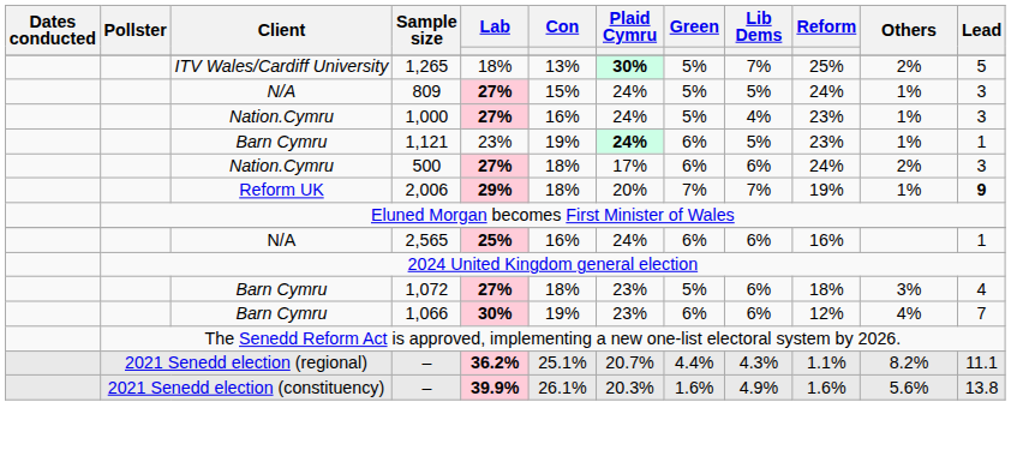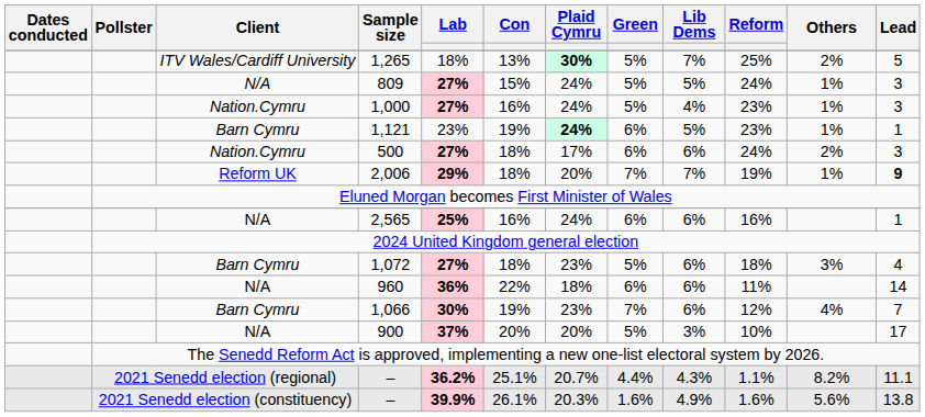 <table class="wikitable sortable mw-datatable" style="text-align:center;font-size:90%;line-height:14px;">
 <tr>
 <th rowspan="2">Dates<br>conducted</th>
 <th rowspan="2">Pollster</th>
 <th rowspan="2">Client</th>
 <th data-sort-type="number" rowspan="2">Sample<br>size</th>
 <th class="unsortable" style="width:50px;"><a href='#'>Lab</a></th>
 <th class="unsortable" style="width:50px;"><a href='#'>Con</a></th>
 <th class="unsortable" style="width:50px;"><a href='#'>Plaid Cymru</a></th>
 <th class="unsortable" style="width:45px;"><a href='#'>Green</a></th>
 <th class="unsortable" style="width:50px;"><a href='#'>Lib Dems</a></th>
 <th class="unsortable" style="width:50px;"><a href='#'>Reform</a></th>
 <th rowspan="2" class="unsortable" style="width:75px;">Others</th>
 <th data-sort-type="number" rowspan="2">Lead</th>
 </tr>
 <tr>
 <th data-sort-type="number" style="background:"></th>
 <th data-sort-type="number" style="background:"></th>
 <th data-sort-type="number" style="background:"></th>
 <th data-sort-type="number" style="background:"></th>
 <th data-sort-type="number" style="background:"></th>
 <th data-sort-type="number" style="background:"></th>
 </tr>
 <tr style="background:#E9E9E9;">
 </tr>
 <tr>
 <td></td>
 <td></td>
 <td><em>ITV Wales/Cardiff University</em></td>
 <td>1,265</td>
 <td>18%</td>
 <td>13%</td>
 <td style="background:#CCFFE6;"><strong>30%</strong></td>
 <td>5%</td>
 <td>7%</td>
 <td>25%</td>
 <td>2%</td>
 <td style="background:">5</td>
 </tr>
 <tr>
 <td></td>
 <td></td>
 <td><em>N/A</em></td>
 <td>809</td>
 <td style="background:#FFCCD9;"><strong>27%</strong></td>
 <td>15%</td>
 <td>24%</td>
 <td>5%</td>
 <td>5%</td>
 <td>24%</td>
 <td>1%</td>
 <td style="background:">3</td>
 </tr>
 <tr>
 <td></td>
 <td></td>
 <td><em>Nation.Cymru</em></td>
 <td>1,000</td>
 <td style="background:#FFCCD9;"><strong>27%</strong></td>
 <td>16%</td>
 <td>24%</td>
 <td>5%</td>
 <td>4%</td>
 <td>23%</td>
 <td>1%</td>
 <td style="background:">3</td>
 </tr>
 <tr>
 <td></td>
 <td></td>
 <td><em>Barn Cymru</em></td>
 <td>1,121</td>
 <td>23%</td>
 <td>19%</td>
 <td style="background:#CCFFE6;"><strong>24%</strong></td>
 <td>6%</td>
 <td>5%</td>
 <td>23%</td>
 <td>1%</td>
 <td style="background:">1</td>
 </tr>
 <tr>
 <td></td>
 <td></td>
 <td><em>Nation.Cymru</em></td>
 <td>500</td>
 <td style="background:#FFCCD9;"><strong>27%</strong></td>
 <td>18%</td>
 <td>17%</td>
 <td>6%</td>
 <td>6%</td>
 <td>24%</td>
 <td>2%</td>
 <td style="background:">3</td>
 </tr>
 <tr>
 <td></td>
 <td></td>
 <td><a href='#'>Reform UK</a></td>
 <td>2,006</td>
 <td style="background:#FFCCD9;"><strong>29%</strong></td>
 <td>18%</td>
 <td>20%</td>
 <td>7%</td>
 <td>7%</td>
 <td>19%</td>
 <td>1%</td>
 <td style="background:"><strong>9</strong></td>
 </tr>
 <tr>
 <td></td>
 <td colspan="11"><a href='#'>Eluned Morgan</a> becomes <a href='#'>First Minister of Wales</a></td>
 </tr>
 <tr style="background:#E9E9E9;">
 </tr>
 <tr>
 <td></td>
 <td></td>
 <td>N/A</td>
 <td>2,565</td>
 <td style="background:#FFCCD9;"><strong>25%</strong></td>
 <td>16%</td>
 <td>24%</td>
 <td>6%</td>
 <td>6%</td>
 <td>16%</td>
 <td></td>
 <td style="background:">1</td>
 </tr>
 <tr>
 <td></td>
 <td colspan="11"><a href='#'>2024 United Kingdom general election</a></td>
 </tr>
 <tr>
 <td></td>
 <td></td>
 <td><em>Barn Cymru</em></td>
 <td>1,072</td>
 <td style="background:#FFCCD9;"><strong>27%</strong></td>
 <td>18%</td>
 <td>23%</td>
 <td>5%</td>
 <td>6%</td>
 <td>18%</td>
 <td>3%</td>
 <td style="background:">4</td>
 </tr>
 <tr>
 <td></td>
 <td></td>
+<td>N/A</td>
+<td>960</td>
+<td style="background:#FFCCD9;"><strong>36%</strong></td>
+<td>22%</td>
+<td>18%</td>
+<td>6%</td>
+<td>6%</td>
+<td>11%</td>
+<td></td>
+<td style="background:">14</td>
+</tr>
+<tr>
+<td></td>
+<td></td>
 <td><em>Barn Cymru</em></td>
 <td>1,066</td>
 <td style="background:#FFCCD9;"><strong>30%</strong></td>
 <td>19%</td>
 <td>23%</td>
-<td>6%</td>
+<td>7%</td>
 <td>6%</td>
 <td>12%</td>
 <td>4%</td>
 <td style="background:">7</td>
+</tr>
+<tr>
+<td></td>
+<td></td>
+<td>N/A</td>
+<td>900</td>
+<td style="background:#FFCCD9;"><strong>37%</strong></td>
+<td>20%</td>
+<td>20%</td>
+<td>5%</td>
+<td>3%</td>
+<td>10%</td>
+<td></td>
+<td style="background:">17</td>
 </tr>
 <tr>
 <td></td>
 <td colspan="11">The <a href='#'>Senedd Reform Act</a> is approved, implementing a new one-list electoral system by 2026.</td>
 </tr>
 <tr style="background:#E9E9E9;">
 <td></td>
 <td colspan="2"><a href='#'>2021 Senedd election</a> (regional)</td>
 <td>–</td>
 <td style="background:#FFCCD9;"><strong>36.2%</strong></td>
 <td>25.1%</td>
 <td>20.7%</td>
 <td>4.4%</td>
 <td>4.3%</td>
 <td>1.1%</td>
 <td>8.2%</td>
 <td style="background:">11.1</td>
 </tr>
 <tr style="background:#E9E9E9;">
 <td></td>
 <td colspan="2"><a href='#'>2021 Senedd election</a> (constituency)</td>
 <td>–</td>
 <td style="background:#FFCCD9;"><strong>39.9%</strong></td>
 <td>26.1%</td>
 <td>20.3%</td>
 <td>1.6%</td>
 <td>4.9%</td>
 <td>1.6%</td>
 <td>5.6%</td>
 <td style="background:">13.8</td>
 </tr>
 </table>
